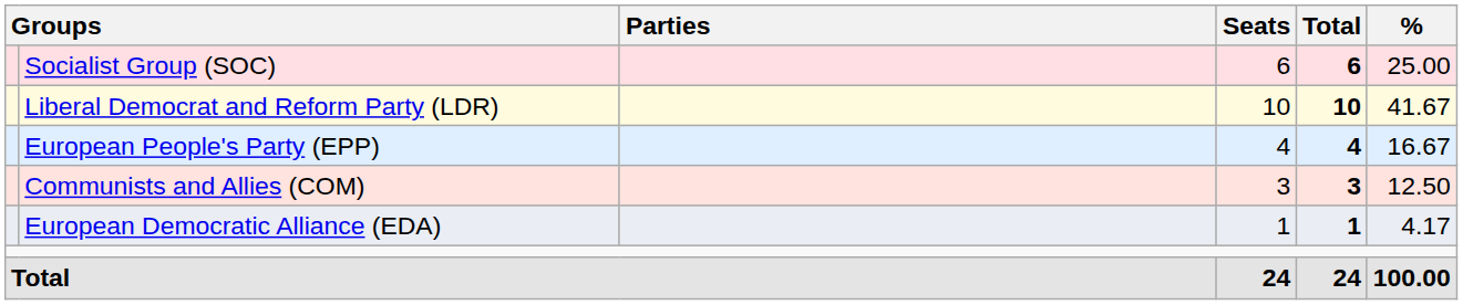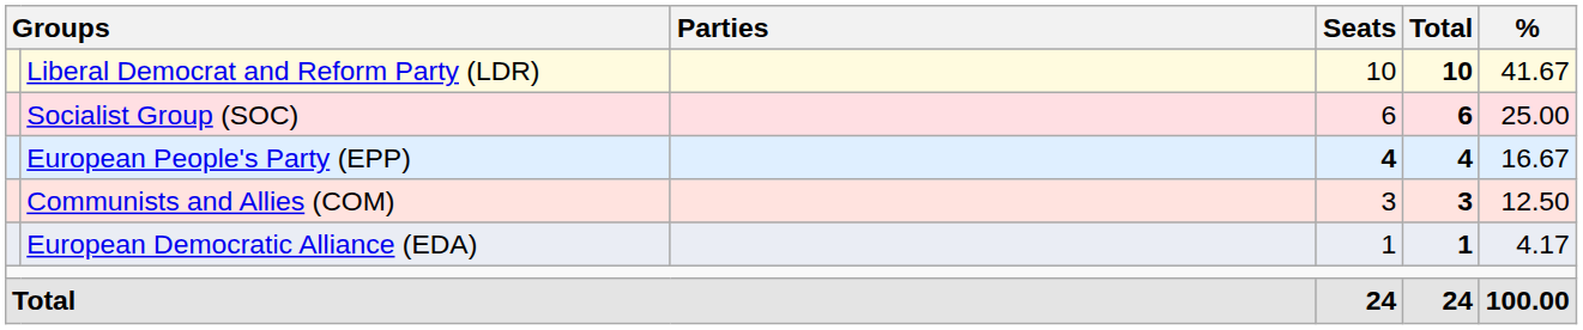 <table class="wikitable" style="text-align:right; font-size:95%; margin-bottom:0">
 <tr>
 <th style="text-align:left;" colspan="2" width="375">Groups</th>
 <th style="text-align:left;" width="350">Parties</th>
 <th width="35">Seats</th>
 <th width="35">Total</th>
 <th width="45">%</th>
+</tr>
+<tr style="background:#FFFBDF;">
+<td style="color:inherit;background:"></td>
+<td align="left"><a href='#'>Liberal Democrat and Reform Party</a> (LDR)</td>
+<td align="left"></td>
+<td>10</td>
+<td><strong>10</strong></td>
+<td>41.67</td>
 </tr>
 <tr style="background:#FFDFE3;">
 <td width="1" style="color:inherit;background:"></td>
 <td align="left"><a href='#'>Socialist Group</a> (SOC)</td>
 <td align="left"></td>
 <td>6</td>
 <td><strong>6</strong></td>
 <td>25.00</td>
 </tr>
-<tr style="background:#FFFBDF;">
-<td style="color:inherit;background:"></td>
-<td align="left"><a href='#'>Liberal Democrat and Reform Party</a> (LDR)</td>
-<td align="left"></td>
-<td>10</td>
-<td><strong>10</strong></td>
-<td>41.67</td>
-</tr>
 <tr style="background:#DFEFFF;">
 <td style="color:inherit;background:"></td>
 <td align="left"><a href='#'>European People's Party</a> (EPP)</td>
 <td align="left"></td>
-<td>4</td>
+<td><strong>4</strong></td>
 <td><strong>4</strong></td>
 <td>16.67</td>
 </tr>
 <tr style="background:#FFE3DF;">
 <td style="color:inherit;background:"></td>
 <td align="left"><a href='#'>Communists and Allies</a> (COM)</td>
 <td align="left"></td>
 <td>3</td>
 <td><strong>3</strong></td>
 <td>12.50</td>
 </tr>
 <tr style="background:#EAEDF4;">
 <td style="color:inherit;background:"></td>
 <td align="left"><a href='#'>European Democratic Alliance</a> (EDA)</td>
 <td align="left"></td>
 <td>1</td>
 <td><strong>1</strong></td>
 <td>4.17</td>
 </tr>
 <tr>
 <td colspan="6"></td>
 </tr>
 <tr style="background:#E4E4E4; font-weight:bold;">
 <td align="left" colspan="3">Total</td>
 <td>24</td>
 <td>24</td>
 <td>100.00</td>
 </tr>
 </table>
